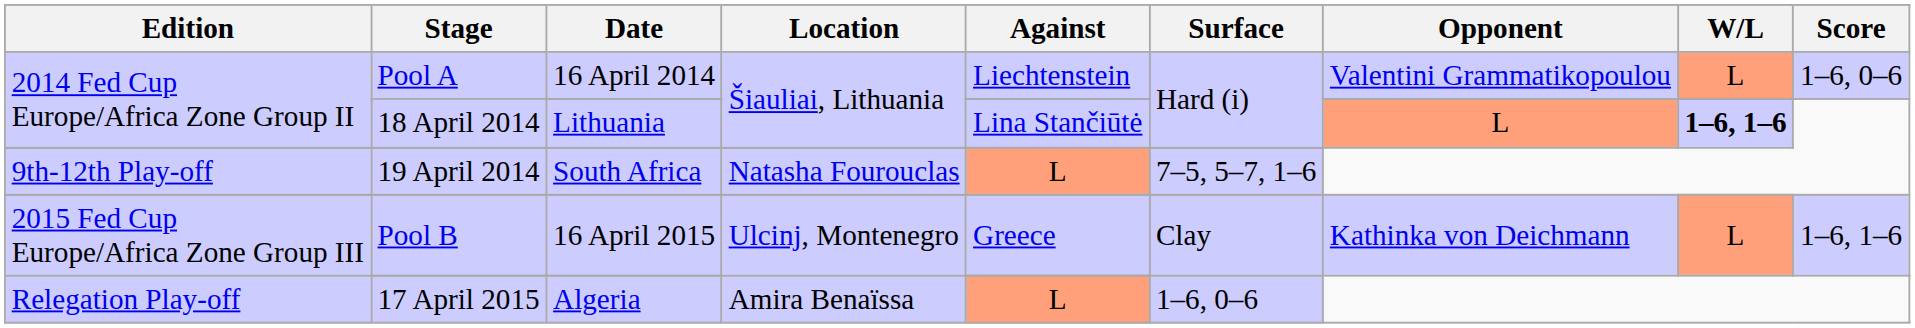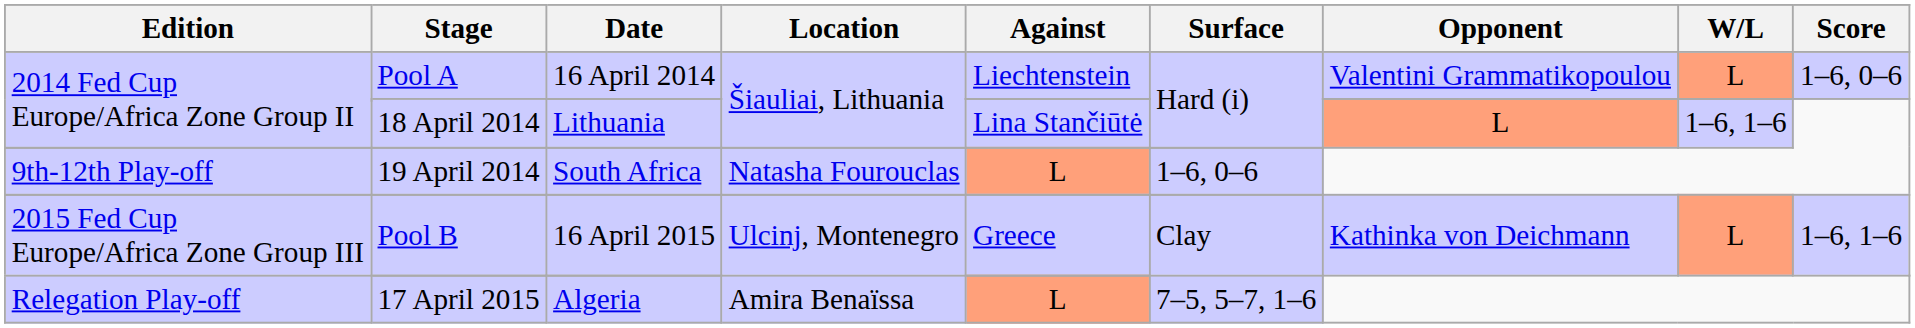 <table class=wikitable style=font-size:97%>
 <tr>
 <th>Edition</th>
 <th>Stage</th>
 <th>Date</th>
 <th>Location</th>
 <th>Against</th>
 <th>Surface</th>
 <th>Opponent</th>
 <th>W/L</th>
 <th>Score</th>
 </tr>
 <tr style="background:#CCCCFF;">
 <td rowspan=3><a href='#'>2014 Fed Cup</a> <br> Europe/Africa Zone Group II</td>
 <td rowspan=2><a href='#'>Pool A</a></td>
 <td>16 April 2014</td>
 <td rowspan=3><a href='#'>Šiauliai</a>, Lithuania</td>
 <td> <a href='#'>Liechtenstein</a></td>
 <td rowspan=3>Hard (i)</td>
 <td><a href='#'>Valentini Grammatikopoulou</a></td>
 <td style="text-align:center; background:#ffa07a;">L</td>
 <td>1–6, 0–6</td>
 </tr>
 <tr>
 </tr>
 <tr style="background:#CCCCFF;">
 <td>18 April 2014</td>
 <td> <a href='#'>Lithuania</a></td>
 <td><a href='#'>Lina Stančiūtė</a></td>
 <td style="text-align:center; background:#ffa07a;">L</td>
-<td><strong>1–6, 1–6</strong></td>
+<td>1–6, 1–6</td>
 </tr>
 <tr>
 </tr>
 <tr style="background:#CCCCFF;">
 <td><a href='#'>9th-12th Play-off</a></td>
 <td>19 April 2014</td>
 <td> <a href='#'>South Africa</a></td>
 <td><a href='#'>Natasha Fourouclas</a></td>
 <td style="text-align:center; background:#ffa07a;">L</td>
-<td>7–5, 5–7, 1–6</td>
+<td>1–6, 0–6</td>
 </tr>
 <tr>
 </tr>
 <tr style="background:#CCCCFF;">
 <td rowspan=2><a href='#'>2015 Fed Cup</a> <br> Europe/Africa Zone Group III</td>
 <td><a href='#'>Pool B</a></td>
 <td>16 April 2015</td>
 <td rowspan=2><a href='#'>Ulcinj</a>, Montenegro</td>
 <td> <a href='#'>Greece</a></td>
 <td rowspan=2>Clay</td>
 <td><a href='#'>Kathinka von Deichmann</a></td>
 <td style="text-align:center; background:#ffa07a;">L</td>
 <td>1–6, 1–6</td>
 </tr>
 <tr>
 </tr>
 <tr style="background:#CCCCFF;">
 <td><a href='#'>Relegation Play-off</a></td>
 <td>17 April 2015</td>
 <td> <a href='#'>Algeria</a></td>
 <td>Amira Benaïssa</td>
 <td style="text-align:center; background:#ffa07a;">L</td>
-<td>1–6, 0–6</td>
+<td>7–5, 5–7, 1–6</td>
 </tr>
 </table>
